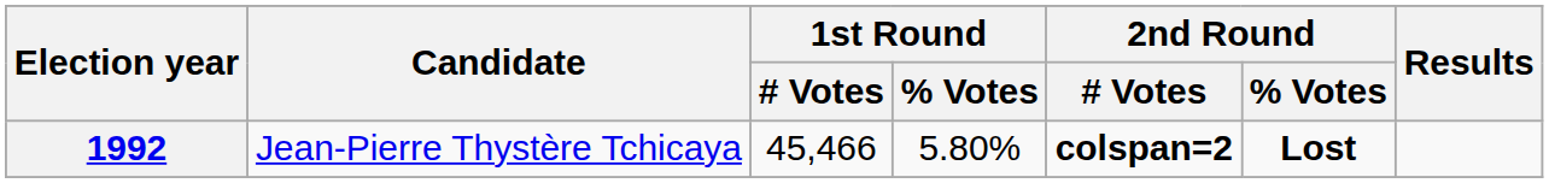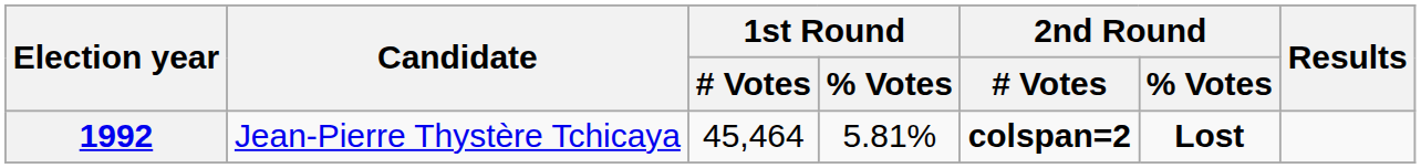 <table class="wikitable" style="text-align:center">
 <tr>
 <th rowspan=2>Election year</th>
 <th rowspan=2>Candidate</th>
 <th colspan=2>1st Round</th>
 <th colspan=2>2nd Round</th>
 <th rowspan=2>Results</th>
 </tr>
 <tr>
 <th># Votes</th>
 <th>% Votes</th>
 <th># Votes</th>
 <th>% Votes</th>
 </tr>
 <tr>
 <th><a href='#'>1992</a></th>
 <td><a href='#'>Jean-Pierre Thystère Tchicaya</a></td>
-<td>45,466</td>
-<td>5.80%</td>
+<td>45,464</td>
+<td>5.81%</td>
 <td><strong>colspan=2 </strong></td>
 <td><strong>Lost</strong> </td>
 </tr>
 </table>
